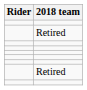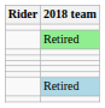 <table class="wikitable">
 <tr>
 <th>Rider</th>
 <th>2018 team</th>
 </tr>
 <tr>
 <td></td>
 <td></td>
 </tr>
 <tr>
 <td></td>
-<td>Retired</td>
+<td style="background: lightgreen;">Retired</td>
 </tr>
 <tr>
 <td></td>
 <td></td>
 </tr>
 <tr>
 <td></td>
 <td></td>
 </tr>
 <tr>
 <td></td>
 <td></td>
 </tr>
 <tr>
 <td></td>
 <td></td>
 </tr>
 <tr>
 <td></td>
 <td></td>
 </tr>
 <tr>
 <td></td>
-<td>Retired</td>
+<td style="background: lightblue;">Retired</td>
 </tr>
 <tr>
 <td></td>
 <td></td>
 </tr>
 </table>
